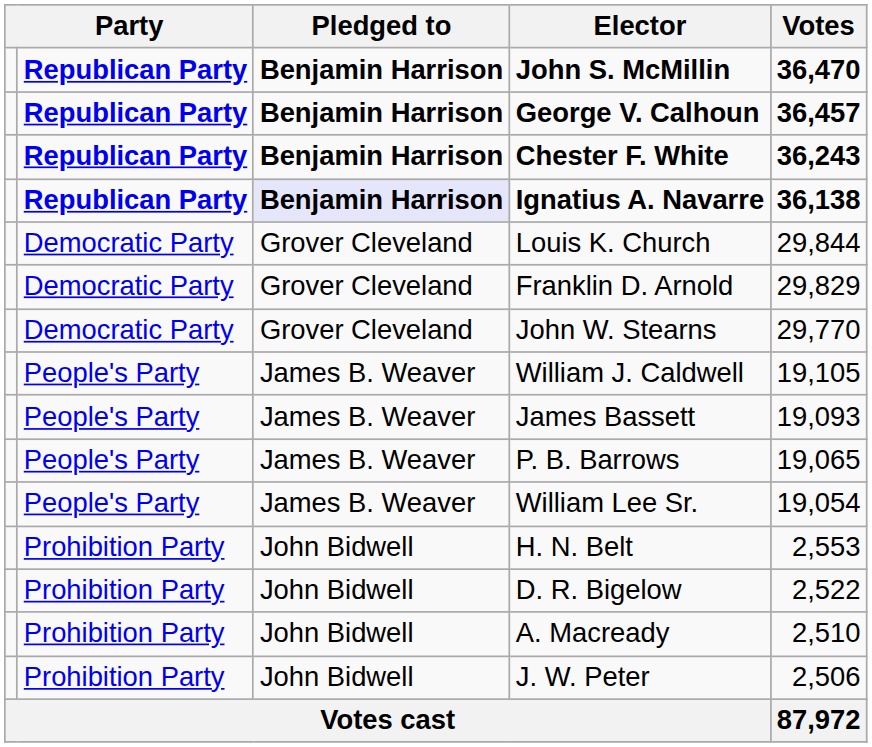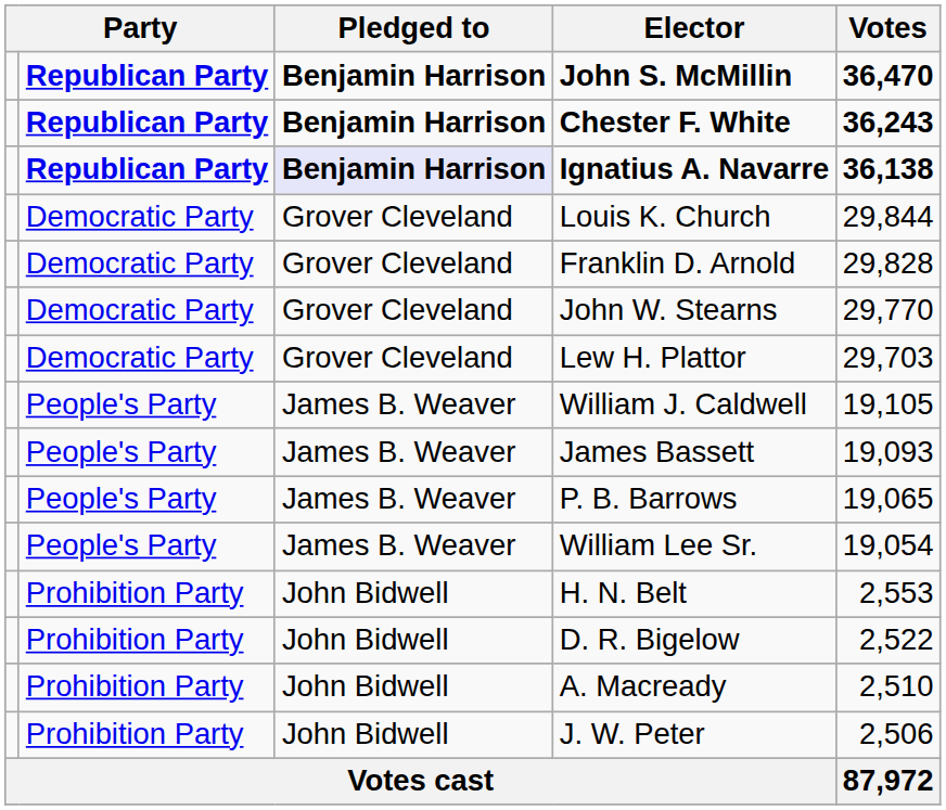 <table class="wikitable">
 <tr>
 <th colspan=2>Party</th>
 <th>Pledged to</th>
 <th>Elector</th>
 <th>Votes</th>
 </tr>
 <tr style="font-weight:bold">
 <td></td>
 <td><a href='#'>Republican Party</a></td>
 <td>Benjamin Harrison</td>
 <td>John S. McMillin</td>
 <td align="right">36,470</td>
-</tr>
-<tr style="font-weight:bold">
-<td></td>
-<td><a href='#'>Republican Party</a></td>
-<td>Benjamin Harrison</td>
-<td>George V. Calhoun</td>
-<td align="right">36,457</td>
 </tr>
 <tr style="font-weight:bold">
 <td></td>
 <td><a href='#'>Republican Party</a></td>
 <td>Benjamin Harrison</td>
 <td>Chester F. White</td>
 <td align="right">36,243</td>
 </tr>
 <tr style="font-weight:bold">
 <td></td>
 <td><a href='#'>Republican Party</a></td>
 <td style="background: lavender;">Benjamin Harrison</td>
 <td>Ignatius A. Navarre</td>
 <td align="right">36,138</td>
 </tr>
 <tr>
 <td></td>
 <td><a href='#'>Democratic Party</a></td>
 <td>Grover Cleveland</td>
 <td>Louis K. Church</td>
 <td align="right">29,844</td>
 </tr>
 <tr>
 <td></td>
 <td><a href='#'>Democratic Party</a></td>
 <td>Grover Cleveland</td>
 <td>Franklin D. Arnold</td>
-<td align="right">29,829</td>
+<td align="right">29,828</td>
 </tr>
 <tr>
 <td></td>
 <td><a href='#'>Democratic Party</a></td>
 <td>Grover Cleveland</td>
 <td>John W. Stearns</td>
 <td align="right">29,770</td>
+</tr>
+<tr>
+<td></td>
+<td><a href='#'>Democratic Party</a></td>
+<td>Grover Cleveland</td>
+<td>Lew H. Plattor</td>
+<td align="right">29,703</td>
 </tr>
 <tr>
 <td></td>
 <td><a href='#'>People's Party</a></td>
 <td>James B. Weaver</td>
 <td>William J. Caldwell</td>
 <td align="right">19,105</td>
 </tr>
 <tr>
 <td></td>
 <td><a href='#'>People's Party</a></td>
 <td>James B. Weaver</td>
 <td>James Bassett</td>
 <td align="right">19,093</td>
 </tr>
 <tr>
 <td></td>
 <td><a href='#'>People's Party</a></td>
 <td>James B. Weaver</td>
 <td>P. B. Barrows</td>
 <td align="right">19,065</td>
 </tr>
 <tr>
 <td></td>
 <td><a href='#'>People's Party</a></td>
 <td>James B. Weaver</td>
 <td>William Lee Sr.</td>
 <td align="right">19,054</td>
 </tr>
 <tr>
 <td></td>
 <td><a href='#'>Prohibition Party</a></td>
 <td>John Bidwell</td>
 <td>H. N. Belt</td>
 <td align="right">2,553</td>
 </tr>
 <tr>
 <td></td>
 <td><a href='#'>Prohibition Party</a></td>
 <td>John Bidwell</td>
 <td>D. R. Bigelow</td>
 <td align="right">2,522</td>
 </tr>
 <tr>
 <td></td>
 <td><a href='#'>Prohibition Party</a></td>
 <td>John Bidwell</td>
 <td>A. Macready</td>
 <td align="right">2,510</td>
 </tr>
 <tr>
 <td></td>
 <td><a href='#'>Prohibition Party</a></td>
 <td>John Bidwell</td>
 <td>J. W. Peter</td>
 <td align="right">2,506</td>
 </tr>
 <tr>
 <th colspan="4">Votes cast</th>
 <th>87,972</th>
 </tr>
 </table>
